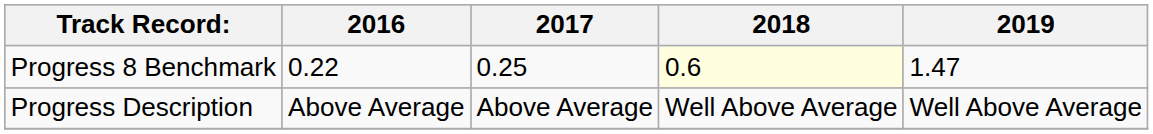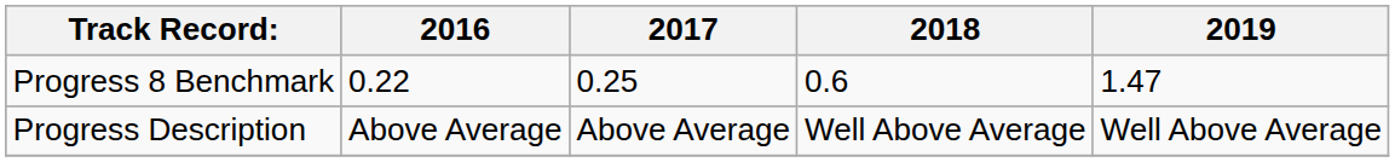 <table class="wikitable">
 <tr>
 <th>Track Record:</th>
 <th>2016</th>
 <th>2017</th>
 <th>2018</th>
 <th>2019</th>
 </tr>
 <tr>
 <td>Progress 8 Benchmark</td>
 <td>0.22</td>
 <td>0.25</td>
-<td style="background: lightyellow;">0.6</td>
+<td>0.6</td>
 <td>1.47</td>
 </tr>
 <tr>
 <td>Progress Description</td>
 <td>Above Average</td>
 <td>Above Average</td>
 <td>Well Above Average</td>
 <td>Well Above Average</td>
 </tr>
 <tr>
 </tr>
 </table>
